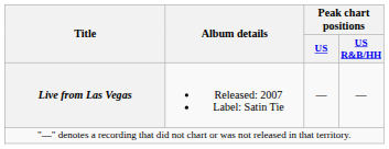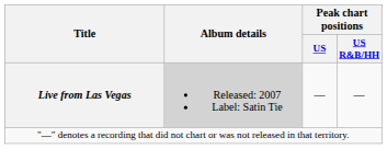 <table class="wikitable plainrowheaders" style="text-align:center;">
 <tr>
 <th scope="col" rowspan="2" style="width:14em;">Title</th>
 <th scope="col" rowspan="2" style="width:12em;">Album details</th>
 <th scope="col" colspan="2">Peak chart positions</th>
 </tr>
 <tr>
 <th scope="col" style="width:3em;font-size:90%;"><a href='#'>US</a><br></th>
 <th scope="col" style="width:3em;font-size:90%;"><a href='#'>US<br>R&B/HH</a></th>
 </tr>
 <tr>
 <th scope="row"><em>Live from Las Vegas</em></th>
-<td><br><ul><li>Released: 2007</li><li>Label: Satin Tie</li></ul></td>
+<td style="background: lightgrey;"><br><ul><li>Released: 2007</li><li>Label: Satin Tie</li></ul></td>
 <td>—</td>
 <td>—</td>
 </tr>
 <tr>
 <td colspan="4" style="font-size:90%">"—" denotes a recording that did not chart or was not released in that territory.</td>
 </tr>
 </table>
